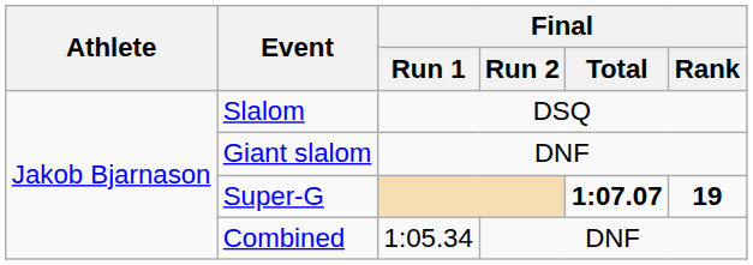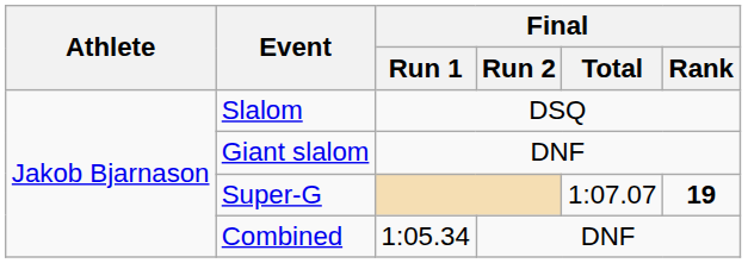 <table class="wikitable">
 <tr>
 <th rowspan="2">Athlete</th>
 <th rowspan="2">Event</th>
 <th colspan="4">Final</th>
 </tr>
 <tr>
 <th>Run 1</th>
 <th>Run 2</th>
 <th>Total</th>
 <th>Rank</th>
 </tr>
 <tr>
 <td rowspan=4><a href='#'>Jakob Bjarnason</a></td>
 <td><a href='#'>Slalom</a></td>
 <td align="center" colspan=4>DSQ</td>
 </tr>
 <tr>
 <td><a href='#'>Giant slalom</a></td>
 <td align="center" colspan=4>DNF</td>
 </tr>
 <tr>
 <td><a href='#'>Super-G</a></td>
 <td colspan=2 bgcolor="wheat"></td>
-<td align="center"><strong>1:07.07</strong></td>
+<td align="center">1:07.07</td>
 <td align="center"><strong>19</strong></td>
 </tr>
 <tr>
 <td><a href='#'>Combined</a></td>
 <td align="center">1:05.34</td>
 <td align="center" colspan=3>DNF</td>
 </tr>
 </table>
